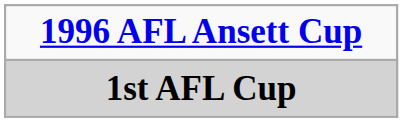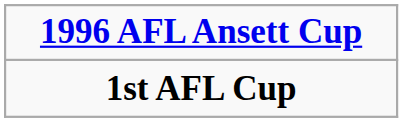 <table class="wikitable"  style="width:180px; text-align:center; float:left; margin-right:1em">
 <tr>
 <td><strong><a href='#'>1996 AFL Ansett Cup</a></strong></td>
 </tr>
 <tr>
-<td style="background: lightgrey;"><strong>1st AFL Cup</strong></td>
+<td><strong>1st AFL Cup</strong></td>
 </tr>
 </table>
